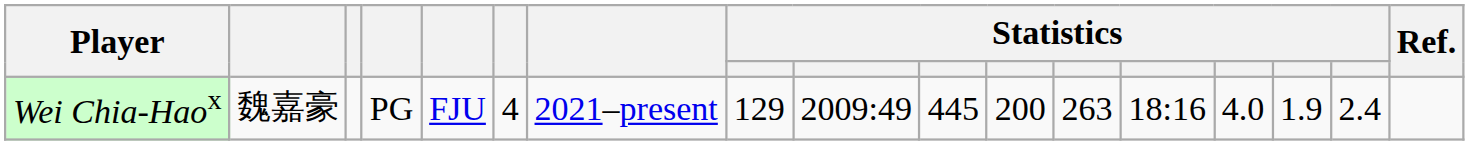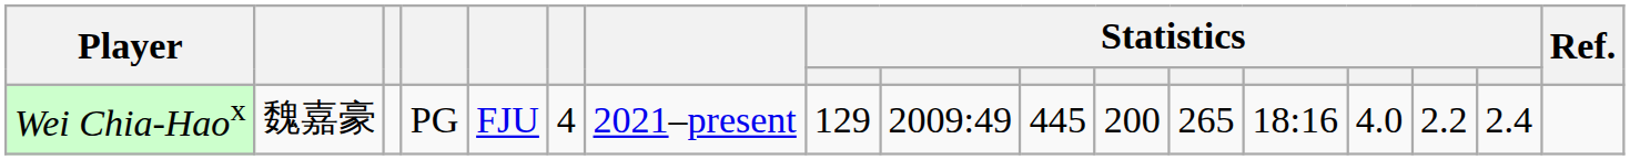 <table class="wikitable sortable" style="font-size:95%; text-align:right;">
 <tr>
 <th rowspan="2">Player</th>
 <th rowspan="2"></th>
 <th rowspan="2"></th>
 <th rowspan="2"></th>
 <th rowspan="2"></th>
 <th rowspan="2"></th>
 <th rowspan="2"></th>
 <th colspan="9">Statistics</th>
 <th rowspan="2">Ref.</th>
 </tr>
 <tr>
 <th></th>
 <th></th>
 <th></th>
 <th></th>
 <th></th>
 <th></th>
 <th></th>
 <th></th>
 <th></th>
 </tr>
 <tr>
 <td align="left" bgcolor="#CCFFCC"><em>Wei Chia-Hao</em><sup>x</sup></td>
 <td align="left">魏嘉豪</td>
 <td align="center"></td>
 <td align="center">PG</td>
 <td align="left"><a href='#'>FJU</a></td>
 <td align="center">4</td>
 <td align="center"><a href='#'>2021</a>–<a href='#'>present</a></td>
 <td>129</td>
 <td>2009:49</td>
 <td>445</td>
 <td>200</td>
-<td>263</td>
+<td>265</td>
 <td>18:16</td>
 <td>4.0</td>
-<td>1.9</td>
+<td>2.2</td>
 <td>2.4</td>
 <td align="center"></td>
 </tr>
 </table>
